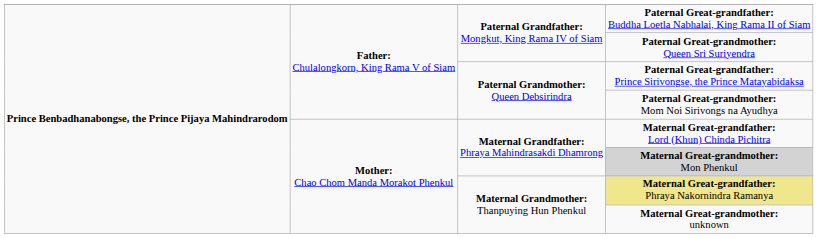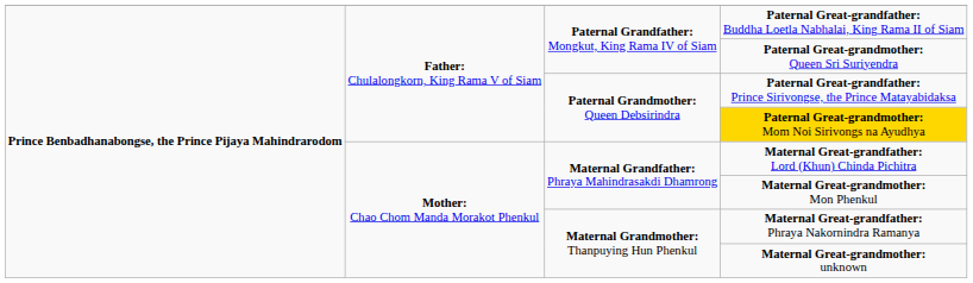 <table class="wikitable">
 <tr>
 </tr>
 <tr>
 <td rowspan="8" align="center"><strong>Prince Benbadhanabongse, the Prince Pijaya Mahindrarodom</strong></td>
 <td rowspan="4" align="center"><strong>Father:</strong><br><a href='#'>Chulalongkorn, King Rama V of Siam</a></td>
 <td rowspan="2" align="center"><strong>Paternal Grandfather:</strong><br><a href='#'>Mongkut, King Rama IV of Siam</a></td>
 <td align = "center"><strong>Paternal Great-grandfather:</strong><br><a href='#'>Buddha Loetla Nabhalai, King Rama II of Siam</a></td>
 </tr>
 <tr>
 <td align = "center"><strong>Paternal Great-grandmother:</strong><br><a href='#'>Queen Sri Suriyendra</a></td>
 </tr>
 <tr>
 <td rowspan="2" align="center"><strong>Paternal Grandmother:</strong><br><a href='#'>Queen Debsirindra</a></td>
 <td align = "center"><strong>Paternal Great-grandfather:</strong><br><a href='#'>Prince Sirivongse, the Prince Matayabidaksa</a></td>
 </tr>
 <tr>
-<td align = "center"><strong>Paternal Great-grandmother:</strong><br>Mom Noi Sirivongs na Ayudhya</td>
+<td align = "center" style="background: gold;"><strong>Paternal Great-grandmother:</strong><br>Mom Noi Sirivongs na Ayudhya</td>
 </tr>
 <tr>
 <td rowspan="4" align="center"><strong>Mother:</strong><br><a href='#'>Chao Chom Manda Morakot Phenkul</a></td>
 <td rowspan="2" align="center"><strong>Maternal Grandfather:</strong><br><a href='#'>Phraya Mahindrasakdi Dhamrong</a></td>
 <td align = "center"><strong>Maternal Great-grandfather:</strong><br><a href='#'>Lord (Khun) Chinda Pichitra</a></td>
 </tr>
 <tr>
-<td align = "center" style="background: lightgrey;"><strong>Maternal Great-grandmother:</strong><br>Mon Phenkul</td>
+<td align = "center"><strong>Maternal Great-grandmother:</strong><br>Mon Phenkul</td>
 </tr>
 <tr>
 <td rowspan="2" align="center"><strong>Maternal Grandmother:</strong><br>Thanpuying Hun Phenkul</td>
-<td align = "center" style="background: khaki;"><strong>Maternal Great-grandfather:</strong><br>Phraya Nakornindra Ramanya</td>
+<td align = "center"><strong>Maternal Great-grandfather:</strong><br>Phraya Nakornindra Ramanya</td>
 </tr>
 <tr>
 <td align = "center"><strong>Maternal Great-grandmother:</strong><br>unknown</td>
 </tr>
 </table>
